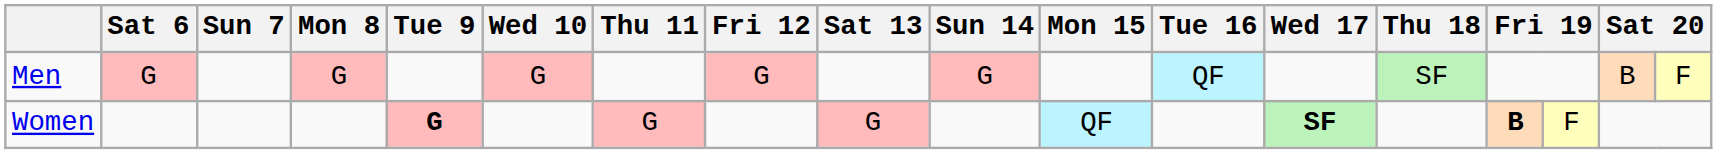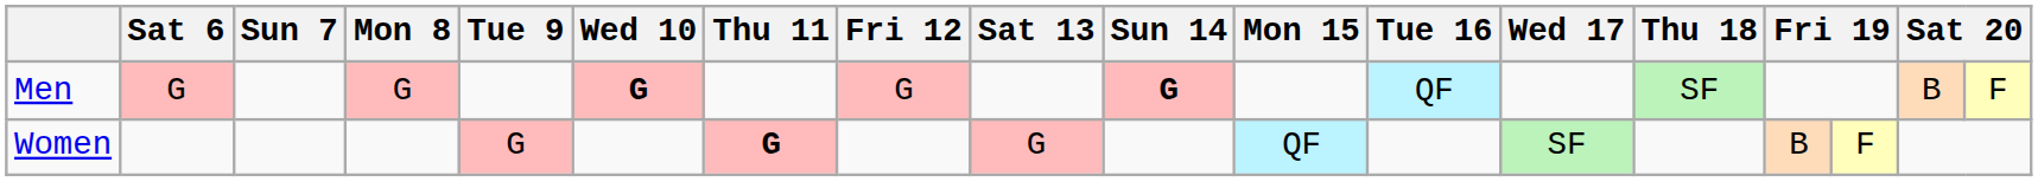 <table class="wikitable" style="margin:0.5em auto; font-size:90%; line-height:1.25em; text-align:center">
 <tr>
 <th></th>
 <th>Sat 6</th>
 <th>Sun 7</th>
 <th>Mon 8</th>
 <th>Tue 9</th>
 <th>Wed 10</th>
 <th>Thu 11</th>
 <th>Fri 12</th>
 <th>Sat 13</th>
 <th>Sun 14</th>
 <th>Mon 15</th>
 <th>Tue 16</th>
 <th>Wed 17</th>
 <th>Thu 18</th>
 <th colspan="2">Fri 19</th>
 <th colspan="2">Sat 20</th>
 </tr>
 <tr>
 <td align="left"><a href='#'>Men</a></td>
 <td bgcolor="#FFBBBB">G</td>
 <td></td>
 <td bgcolor="#FFBBBB">G</td>
 <td></td>
-<td bgcolor="#FFBBBB">G</td>
+<td bgcolor="#FFBBBB"><strong>G</strong></td>
 <td></td>
 <td bgcolor="#FFBBBB">G</td>
 <td></td>
-<td bgcolor="#FFBBBB">G</td>
+<td bgcolor="#FFBBBB"><strong>G</strong></td>
 <td></td>
 <td bgcolor="#BBF3FF">QF</td>
 <td></td>
 <td bgcolor="#BBF3BB">SF</td>
 <td colspan="2"></td>
 <td bgcolor="#FEDCBA">B</td>
 <td bgcolor="#FFFFBB">F</td>
 </tr>
 <tr>
 <td align="left"><a href='#'>Women</a></td>
 <td></td>
 <td></td>
 <td></td>
+<td bgcolor="#FFBBBB">G</td>
+<td></td>
 <td bgcolor="#FFBBBB"><strong>G</strong></td>
-<td></td>
-<td bgcolor="#FFBBBB">G</td>
 <td></td>
 <td bgcolor="#FFBBBB">G</td>
 <td></td>
 <td bgcolor="#BBF3FF">QF</td>
 <td></td>
-<td bgcolor="#BBF3BB"><strong>SF</strong></td>
+<td bgcolor="#BBF3BB">SF</td>
 <td></td>
-<td bgcolor="#FEDCBA"><strong>B</strong></td>
+<td bgcolor="#FEDCBA">B</td>
 <td bgcolor="#FFFFBB">F</td>
 <td colspan="2"></td>
 </tr>
 </table>
